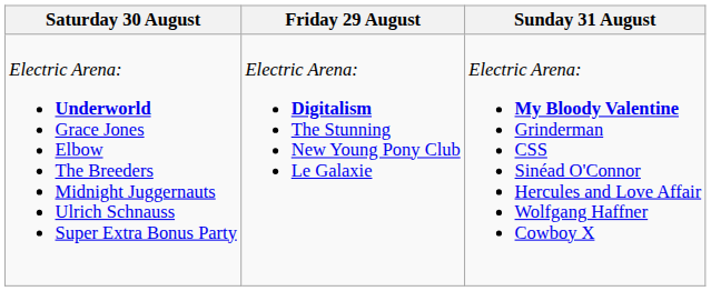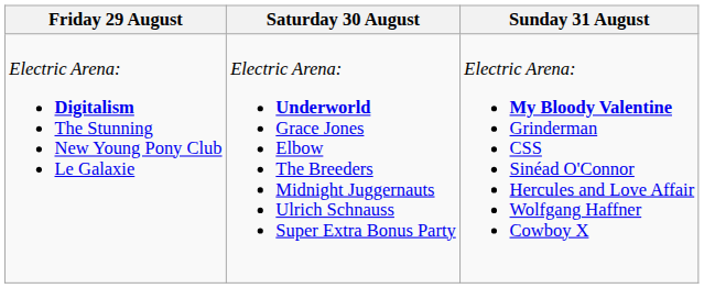 <table class="wikitable" style="float:left; margin-right:1em">
 <tr>
+<th>Friday 29 August</th>
 <th>Saturday 30 August</th>
-<th>Friday 29 August</th>
 <th>Sunday 31 August</th>
 </tr>
 <tr valign="top">
+<td><br><em>Electric Arena:</em><ul><li><strong><a href='#'>Digitalism</a></strong></li><li><a href='#'>The Stunning</a></li><li><a href='#'>New Young Pony Club</a></li><li><a href='#'>Le Galaxie</a></li></ul></td>
 <td><br><em>Electric Arena:</em><ul><li><strong><a href='#'>Underworld</a></strong></li><li><a href='#'>Grace Jones</a></li><li><a href='#'>Elbow</a></li><li><a href='#'>The Breeders</a></li><li><a href='#'>Midnight Juggernauts</a></li><li><a href='#'>Ulrich Schnauss</a></li><li><a href='#'>Super Extra Bonus Party</a></li></ul><br></td>
-<td><br><em>Electric Arena:</em><ul><li><strong><a href='#'>Digitalism</a></strong></li><li><a href='#'>The Stunning</a></li><li><a href='#'>New Young Pony Club</a></li><li><a href='#'>Le Galaxie</a></li></ul></td>
 <td><br><em>Electric Arena:</em><ul><li><strong><a href='#'>My Bloody Valentine</a></strong></li><li><a href='#'>Grinderman</a></li><li><a href='#'>CSS</a></li><li><a href='#'>Sinéad O'Connor</a></li><li><a href='#'>Hercules and Love Affair</a></li><li><a href='#'>Wolfgang Haffner</a></li><li><a href='#'>Cowboy X</a></li></ul></td>
 </tr>
 </table>
